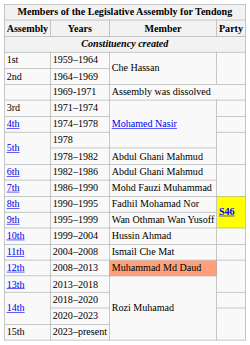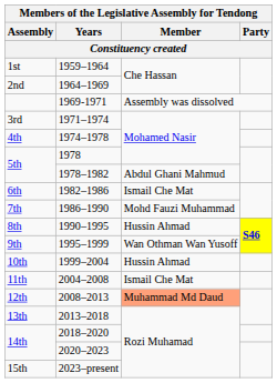 <table class=wikitable>
 <tr>
 <th colspan=4>Members of the Legislative Assembly for Tendong</th>
 </tr>
 <tr>
 <th>Assembly</th>
 <th>Years</th>
 <th>Member</th>
 <th>Party</th>
 </tr>
 <tr>
 <th colspan=4 align=center><em>Constituency created</em></th>
 </tr>
 <tr>
 <td>1st</td>
 <td>1959–1964</td>
 <td rowspan="2">Che Hassan</td>
 <td rowspan="2"></td>
 </tr>
 <tr>
 <td>2nd</td>
 <td>1964–1969</td>
 </tr>
 <tr>
 <td></td>
 <td>1969-1971</td>
 <td colspan="2">Assembly was dissolved</td>
 </tr>
 <tr>
 <td>3rd</td>
 <td>1971–1974</td>
 <td rowspan="3"><a href='#'>Mohamed Nasir</a></td>
 <td></td>
 </tr>
 <tr>
 <td><a href='#'>4th</a></td>
 <td>1974–1978</td>
 <td></td>
 </tr>
 <tr>
 <td rowspan=2><a href='#'>5th</a></td>
 <td>1978</td>
 <td rowspan=2></td>
 </tr>
 <tr>
 <td>1978–1982</td>
 <td>Abdul Ghani Mahmud</td>
 </tr>
 <tr>
 <td><a href='#'>6th</a></td>
 <td>1982–1986</td>
-<td>Abdul Ghani Mahmud</td>
+<td>Ismail Che Mat</td>
 <td rowspan=2></td>
 </tr>
 <tr>
 <td><a href='#'>7th</a></td>
 <td>1986–1990</td>
 <td>Mohd Fauzi Muhammad</td>
 </tr>
 <tr>
 <td><a href='#'>8th</a></td>
 <td>1990–1995</td>
-<td>Fadhil Mohamad Nor</td>
+<td>Hussin Ahmad</td>
 <td rowspan=2 bgcolor="yellow"><strong><a href='#'>S46</a></strong></td>
 </tr>
 <tr>
 <td><a href='#'>9th</a></td>
 <td>1995–1999</td>
 <td>Wan Othman Wan Yusoff</td>
 </tr>
 <tr>
 <td><a href='#'>10th</a></td>
 <td>1999–2004</td>
 <td>Hussin Ahmad</td>
 <td></td>
 </tr>
 <tr>
 <td><a href='#'>11th</a></td>
 <td>2004–2008</td>
 <td>Ismail Che Mat</td>
 <td></td>
 </tr>
 <tr>
 <td><a href='#'>12th</a></td>
 <td>2008–2013</td>
 <td style="background: lightsalmon;">Muhammad Md Daud</td>
 <td rowspan=2></td>
 </tr>
 <tr>
 <td><a href='#'>13th</a></td>
 <td>2013–2018</td>
 <td rowspan="4">Rozi Muhamad</td>
 </tr>
 <tr>
 <td rowspan="2"><a href='#'>14th</a></td>
 <td>2018–2020</td>
 <td></td>
 </tr>
 <tr>
 <td>2020–2023</td>
 <td rowspan=2></td>
 </tr>
 <tr>
 <td>15th</td>
 <td>2023–present</td>
 </tr>
 </table>
